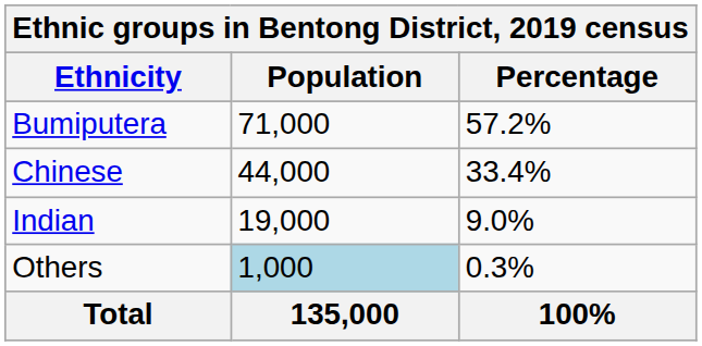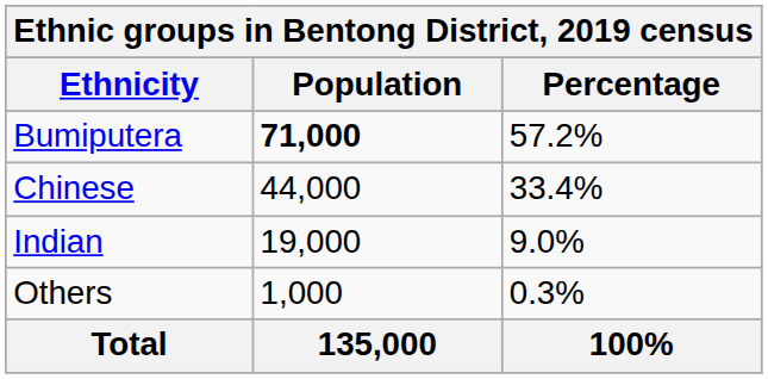 <table class="wikitable">
 <tr>
 <th style="text-align:center;" colspan="3">Ethnic groups in Bentong District, 2019 census</th>
 </tr>
 <tr>
 <th><a href='#'>Ethnicity</a></th>
 <th>Population</th>
 <th>Percentage</th>
 </tr>
 <tr>
 <td><a href='#'>Bumiputera</a></td>
-<td>71,000</td>
+<td><strong>71,000</strong></td>
 <td>57.2%</td>
 </tr>
 <tr>
 <td><a href='#'>Chinese</a></td>
 <td>44,000</td>
 <td>33.4%</td>
 </tr>
 <tr>
 <td><a href='#'>Indian</a></td>
 <td>19,000</td>
 <td>9.0%</td>
 </tr>
 <tr>
 <td>Others</td>
-<td style="background: lightblue;">1,000</td>
+<td>1,000</td>
 <td>0.3%</td>
 </tr>
 <tr>
 <th>Total</th>
 <th>135,000</th>
 <th>100%</th>
 </tr>
 </table>
